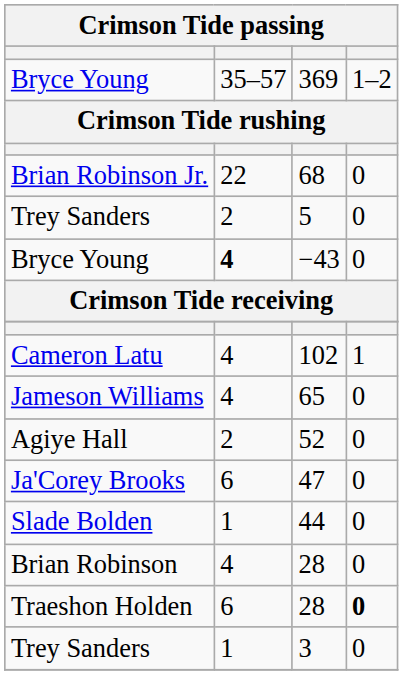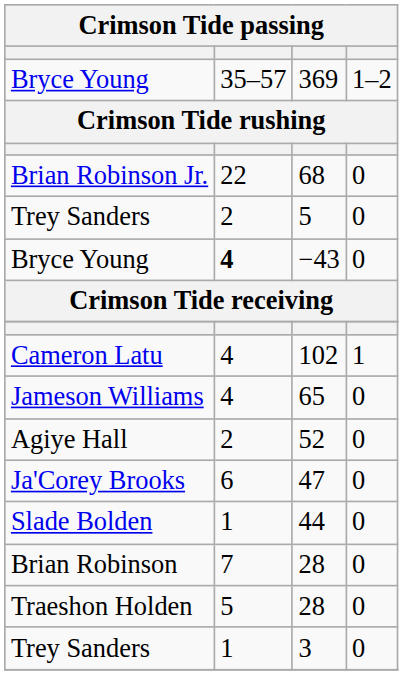 <table class="wikitable plainrowheaders">
 <tr>
 <th colspan="6">Crimson Tide passing</th>
 </tr>
 <tr>
 <th scope="col"></th>
 <th scope="col"></th>
 <th scope="col"></th>
 <th scope="col"></th>
 </tr>
 <tr>
 <td><a href='#'>Bryce Young</a></td>
 <td>35–57</td>
 <td>369</td>
 <td>1–2</td>
 </tr>
 <tr>
 <th colspan="6">Crimson Tide rushing</th>
 </tr>
 <tr>
 <th scope="col"></th>
 <th scope="col"></th>
 <th scope="col"></th>
 <th scope="col"></th>
 </tr>
 <tr>
 <td><a href='#'>Brian Robinson Jr.</a></td>
 <td>22</td>
 <td>68</td>
 <td>0</td>
 </tr>
 <tr>
 <td>Trey Sanders</td>
 <td>2</td>
 <td>5</td>
 <td>0</td>
 </tr>
 <tr>
 <td>Bryce Young</td>
 <td><strong>4</strong></td>
 <td>−43</td>
 <td>0</td>
 </tr>
 <tr>
 <th colspan="6">Crimson Tide receiving</th>
 </tr>
 <tr>
 </tr>
 <tr>
 <th scope="col"></th>
 <th scope="col"></th>
 <th scope="col"></th>
 <th scope="col"></th>
 </tr>
 <tr>
 <td><a href='#'>Cameron Latu</a></td>
 <td>4</td>
 <td>102</td>
 <td>1</td>
 </tr>
 <tr>
 <td><a href='#'>Jameson Williams</a></td>
 <td>4</td>
 <td>65</td>
 <td>0</td>
 </tr>
 <tr>
 <td>Agiye Hall</td>
 <td>2</td>
 <td>52</td>
 <td>0</td>
 </tr>
 <tr>
 <td><a href='#'>Ja'Corey Brooks</a></td>
 <td>6</td>
 <td>47</td>
 <td>0</td>
 </tr>
 <tr>
 <td><a href='#'>Slade Bolden</a></td>
 <td>1</td>
 <td>44</td>
 <td>0</td>
 </tr>
 <tr>
 <td>Brian Robinson</td>
-<td>4</td>
+<td>7</td>
 <td>28</td>
 <td>0</td>
 </tr>
 <tr>
 <td>Traeshon Holden</td>
-<td>6</td>
+<td>5</td>
 <td>28</td>
-<td><strong>0</strong></td>
+<td>0</td>
 </tr>
 <tr>
 <td>Trey Sanders</td>
 <td>1</td>
 <td>3</td>
 <td>0</td>
 </tr>
 <tr>
 </tr>
 </table>
